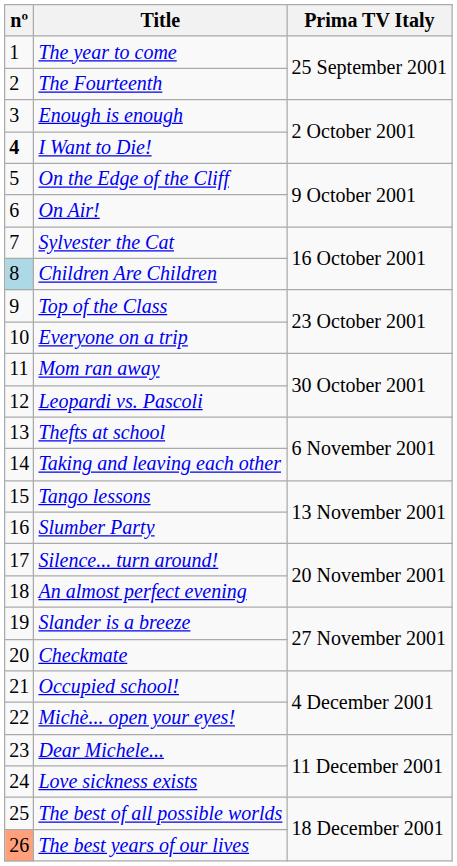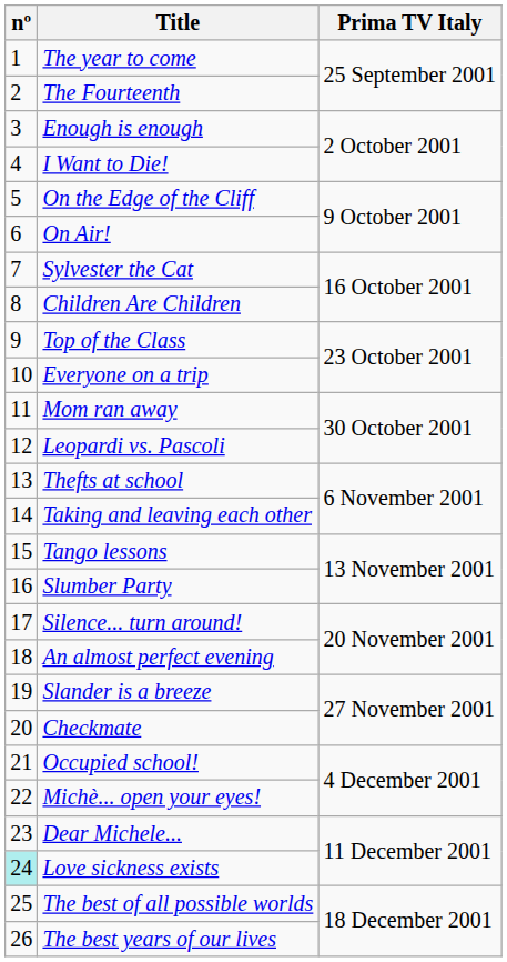 <table class="wikitable">
 <tr>
 <th>nº</th>
 <th>Title</th>
 <th>Prima TV Italy</th>
 </tr>
 <tr>
 <td>1</td>
 <td><em><a href='#'>The year to come</a></em></td>
 <td rowspan="2">25 September 2001</td>
 </tr>
 <tr>
 <td>2</td>
 <td><em><a href='#'>The Fourteenth</a></em></td>
 </tr>
 <tr>
 <td>3</td>
 <td><em><a href='#'>Enough is enough</a></em></td>
 <td rowspan="2">2 October 2001</td>
 </tr>
 <tr>
-<td><strong>4</strong></td>
+<td>4</td>
 <td><em><a href='#'>I Want to Die!</a></em></td>
 </tr>
 <tr>
 <td>5</td>
 <td><em><a href='#'>On the Edge of the Cliff</a></em></td>
 <td rowspan="2">9 October 2001</td>
 </tr>
 <tr>
 <td>6</td>
 <td><em><a href='#'>On Air!</a></em></td>
 </tr>
 <tr>
 <td>7</td>
 <td><em><a href='#'>Sylvester the Cat</a></em></td>
 <td rowspan="2">16 October 2001</td>
 </tr>
 <tr>
-<td style="background: lightblue;">8</td>
+<td>8</td>
 <td><em><a href='#'>Children Are Children</a></em></td>
 </tr>
 <tr>
 <td>9</td>
 <td><em><a href='#'>Top of the Class</a></em></td>
 <td rowspan="2">23 October 2001</td>
 </tr>
 <tr>
 <td>10</td>
 <td><em><a href='#'>Everyone on a trip</a></em></td>
 </tr>
 <tr>
 <td>11</td>
 <td><em><a href='#'>Mom ran away</a></em></td>
 <td rowspan="2">30 October 2001</td>
 </tr>
 <tr>
 <td>12</td>
 <td><em><a href='#'>Leopardi vs. Pascoli</a></em></td>
 </tr>
 <tr>
 <td>13</td>
 <td><em><a href='#'>Thefts at school</a></em></td>
 <td rowspan="2">6 November 2001</td>
 </tr>
 <tr>
 <td>14</td>
 <td><em><a href='#'>Taking and leaving each other</a></em></td>
 </tr>
 <tr>
 <td>15</td>
 <td><em><a href='#'>Tango lessons</a></em></td>
 <td rowspan="2">13 November 2001</td>
 </tr>
 <tr>
 <td>16</td>
 <td><em><a href='#'>Slumber Party</a></em></td>
 </tr>
 <tr>
 <td>17</td>
 <td><em><a href='#'>Silence... turn around!</a></em></td>
 <td rowspan="2">20 November 2001</td>
 </tr>
 <tr>
 <td>18</td>
 <td><em><a href='#'>An almost perfect evening</a></em></td>
 </tr>
 <tr>
 <td>19</td>
 <td><em><a href='#'>Slander is a breeze</a></em></td>
 <td rowspan="2">27 November 2001</td>
 </tr>
 <tr>
 <td>20</td>
 <td><em><a href='#'>Checkmate</a></em></td>
 </tr>
 <tr>
 <td>21</td>
 <td><em><a href='#'>Occupied school!</a></em></td>
 <td rowspan="2">4 December 2001</td>
 </tr>
 <tr>
 <td>22</td>
 <td><em><a href='#'>Michè... open your eyes!</a></em></td>
 </tr>
 <tr>
 <td>23</td>
 <td><em><a href='#'>Dear Michele...</a></em></td>
 <td rowspan="2">11 December 2001</td>
 </tr>
 <tr>
-<td>24</td>
+<td style="background: paleturquoise;">24</td>
 <td><em><a href='#'>Love sickness exists</a></em></td>
 </tr>
 <tr>
 <td>25</td>
 <td><em><a href='#'>The best of all possible worlds</a></em></td>
 <td rowspan="2">18 December 2001</td>
 </tr>
 <tr>
-<td style="background: lightsalmon;">26</td>
+<td>26</td>
 <td><em><a href='#'>The best years of our lives</a></em></td>
 </tr>
 </table>
